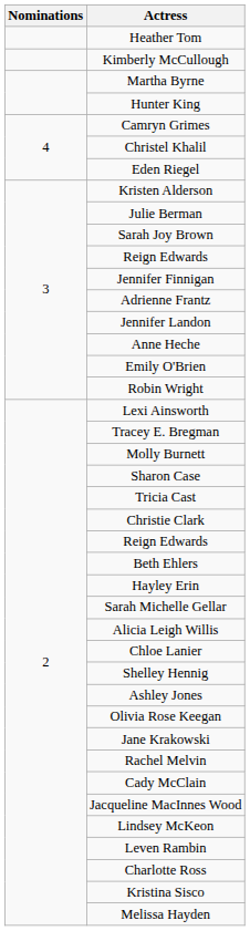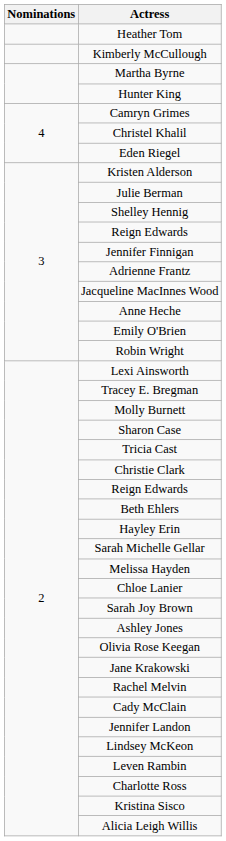 <table class="wikitable" style="text-align: center;">
 <tr>
 <th scope="col" width="55">Nominations</th>
 <th scope="col" align="center">Actress</th>
 </tr>
 <tr>
 <td scope="row"></td>
 <td>Heather Tom</td>
 </tr>
 <tr>
 <td scope="row"></td>
 <td>Kimberly McCullough</td>
 </tr>
 <tr>
 <td scope="row" rowspan=2></td>
 <td>Martha Byrne</td>
 </tr>
 <tr>
 <td>Hunter King</td>
 </tr>
 <tr>
 <td scope="row" rowspan=3 style="text-align:center">4</td>
 <td>Camryn Grimes</td>
 </tr>
 <tr>
 <td>Christel Khalil</td>
 </tr>
 <tr>
 <td>Eden Riegel</td>
 </tr>
 <tr>
 <td scope="row" rowspan=10 style="text-align:center">3</td>
 <td>Kristen Alderson</td>
 </tr>
 <tr>
 <td>Julie Berman</td>
 </tr>
 <tr>
-<td>Sarah Joy Brown</td>
+<td>Shelley Hennig</td>
 </tr>
 <tr>
 <td>Reign Edwards</td>
 </tr>
 <tr>
 <td>Jennifer Finnigan</td>
 </tr>
 <tr>
 <td>Adrienne Frantz</td>
 </tr>
 <tr>
-<td>Jennifer Landon</td>
+<td>Jacqueline MacInnes Wood</td>
 </tr>
 <tr>
 <td>Anne Heche</td>
 </tr>
 <tr>
 <td>Emily O'Brien</td>
 </tr>
 <tr>
 <td>Robin Wright</td>
 </tr>
 <tr>
 <td scope="row" rowspan=24 style="text-align:center">2</td>
 <td>Lexi Ainsworth</td>
 </tr>
 <tr>
 <td>Tracey E. Bregman</td>
 </tr>
 <tr>
 <td>Molly Burnett</td>
 </tr>
 <tr>
 <td>Sharon Case</td>
 </tr>
 <tr>
 <td>Tricia Cast</td>
 </tr>
 <tr>
 <td>Christie Clark</td>
 </tr>
 <tr>
 <td>Reign Edwards</td>
 </tr>
 <tr>
 <td>Beth Ehlers</td>
 </tr>
 <tr>
 <td>Hayley Erin</td>
 </tr>
 <tr>
 <td>Sarah Michelle Gellar</td>
 </tr>
 <tr>
-<td>Alicia Leigh Willis</td>
+<td>Melissa Hayden</td>
 </tr>
 <tr>
 <td>Chloe Lanier</td>
 </tr>
 <tr>
-<td>Shelley Hennig</td>
+<td>Sarah Joy Brown</td>
 </tr>
 <tr>
 <td>Ashley Jones</td>
 </tr>
 <tr>
 <td>Olivia Rose Keegan</td>
 </tr>
 <tr>
 <td>Jane Krakowski</td>
 </tr>
 <tr>
 <td>Rachel Melvin</td>
 </tr>
 <tr>
 <td>Cady McClain</td>
 </tr>
 <tr>
-<td>Jacqueline MacInnes Wood</td>
+<td>Jennifer Landon</td>
 </tr>
 <tr>
 <td>Lindsey McKeon</td>
 </tr>
 <tr>
 <td>Leven Rambin</td>
 </tr>
 <tr>
 <td>Charlotte Ross</td>
 </tr>
 <tr>
 <td>Kristina Sisco</td>
 </tr>
 <tr>
-<td>Melissa Hayden</td>
+<td>Alicia Leigh Willis</td>
 </tr>
 </table>
